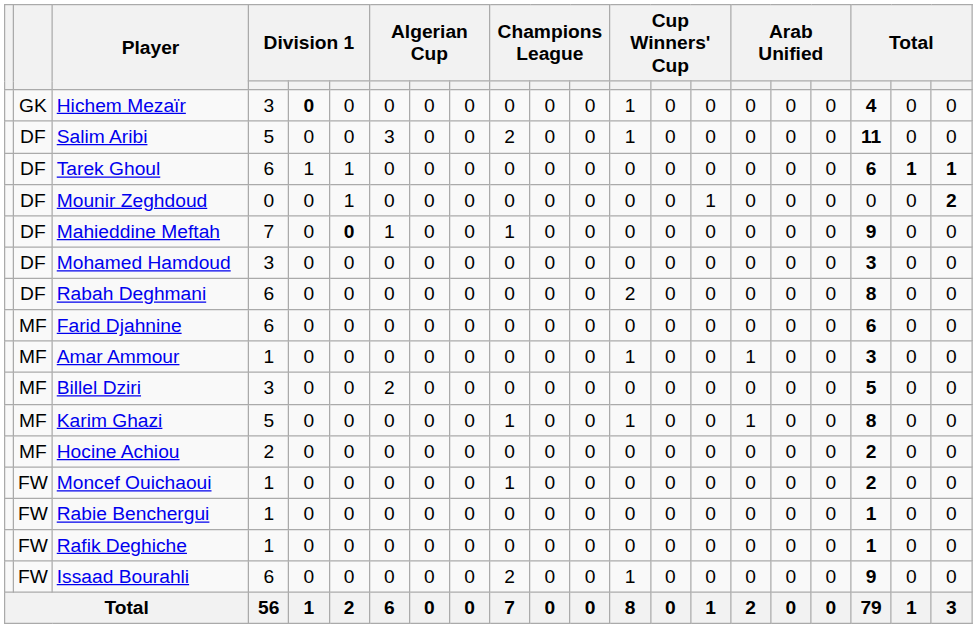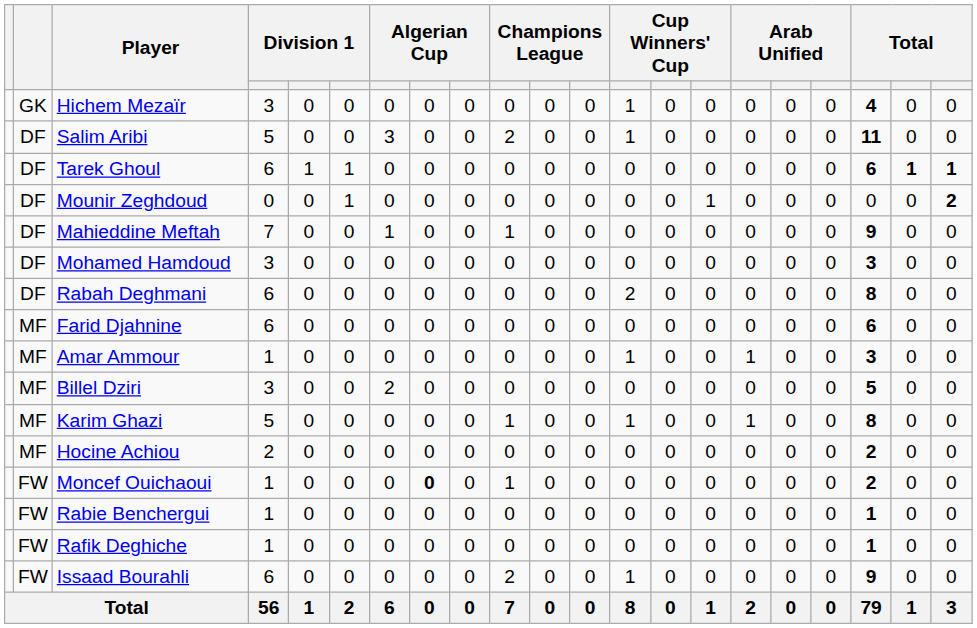 <table class="wikitable sortable nowrap" style="font-size: 96%; text-align: center;">
 <tr>
 <th rowspan="2"></th>
 <th rowspan="2"></th>
 <th rowspan="2" width=150>Player</th>
 <th colspan="3">Division 1</th>
 <th colspan="3">Algerian Cup</th>
 <th colspan="3">Champions League</th>
 <th colspan="3">Cup Winners' Cup</th>
 <th colspan="3">Arab Unified</th>
 <th colspan="3">Total</th>
 </tr>
 <tr>
 <th width=25></th>
 <th width=25></th>
 <th width=25></th>
 <th width=25></th>
 <th width=25></th>
 <th width=25></th>
 <th width=25></th>
 <th width=25></th>
 <th width=25></th>
 <th width=25></th>
 <th width=25></th>
 <th width=25></th>
 <th width=25></th>
 <th width=25></th>
 <th width=25></th>
 <th width=25></th>
 <th width=25></th>
 <th width=25></th>
 </tr>
 <tr>
 <td></td>
 <td>GK</td>
 <td style="text-align:left"> <a href='#'>Hichem Mezaïr</a></td>
 <td>3</td>
-<td><strong>0</strong></td>
+<td>0</td>
 <td>0</td>
 <td>0</td>
 <td>0</td>
 <td>0</td>
 <td>0</td>
 <td>0</td>
 <td>0</td>
 <td>1</td>
 <td>0</td>
 <td>0</td>
 <td>0</td>
 <td>0</td>
 <td>0</td>
 <td><strong>4</strong></td>
 <td>0</td>
 <td>0</td>
 </tr>
 <tr>
 <td></td>
 <td>DF</td>
 <td style="text-align:left"> <a href='#'>Salim Aribi</a></td>
 <td>5</td>
 <td>0</td>
 <td>0</td>
 <td>3</td>
 <td>0</td>
 <td>0</td>
 <td>2</td>
 <td>0</td>
 <td>0</td>
 <td>1</td>
 <td>0</td>
 <td>0</td>
 <td>0</td>
 <td>0</td>
 <td>0</td>
 <td><strong>11</strong></td>
 <td>0</td>
 <td>0</td>
 </tr>
 <tr>
 <td></td>
 <td>DF</td>
 <td style="text-align:left"> <a href='#'>Tarek Ghoul</a></td>
 <td>6</td>
 <td>1</td>
 <td>1</td>
 <td>0</td>
 <td>0</td>
 <td>0</td>
 <td>0</td>
 <td>0</td>
 <td>0</td>
 <td>0</td>
 <td>0</td>
 <td>0</td>
 <td>0</td>
 <td>0</td>
 <td>0</td>
 <td><strong>6</strong></td>
 <td><strong>1</strong></td>
 <td><strong>1</strong></td>
 </tr>
 <tr>
 <td></td>
 <td>DF</td>
 <td style="text-align:left"> <a href='#'>Mounir Zeghdoud</a></td>
 <td>0</td>
 <td>0</td>
 <td>1</td>
 <td>0</td>
 <td>0</td>
 <td>0</td>
 <td>0</td>
 <td>0</td>
 <td>0</td>
 <td>0</td>
 <td>0</td>
 <td>1</td>
 <td>0</td>
 <td>0</td>
 <td>0</td>
 <td>0</td>
 <td>0</td>
 <td><strong>2</strong></td>
 </tr>
 <tr>
 <td></td>
 <td>DF</td>
 <td style="text-align:left"> <a href='#'>Mahieddine Meftah</a></td>
 <td>7</td>
 <td>0</td>
-<td><strong>0</strong></td>
+<td>0</td>
 <td>1</td>
 <td>0</td>
 <td>0</td>
 <td>1</td>
 <td>0</td>
 <td>0</td>
 <td>0</td>
 <td>0</td>
 <td>0</td>
 <td>0</td>
 <td>0</td>
 <td>0</td>
 <td><strong>9</strong></td>
 <td>0</td>
 <td>0</td>
 </tr>
 <tr>
 <td></td>
 <td>DF</td>
 <td style="text-align:left"> <a href='#'>Mohamed Hamdoud</a></td>
 <td>3</td>
 <td>0</td>
 <td>0</td>
 <td>0</td>
 <td>0</td>
 <td>0</td>
 <td>0</td>
 <td>0</td>
 <td>0</td>
 <td>0</td>
 <td>0</td>
 <td>0</td>
 <td>0</td>
 <td>0</td>
 <td>0</td>
 <td><strong>3</strong></td>
 <td>0</td>
 <td>0</td>
 </tr>
 <tr>
 <td></td>
 <td>DF</td>
 <td style="text-align:left"> <a href='#'>Rabah Deghmani</a></td>
 <td>6</td>
 <td>0</td>
 <td>0</td>
 <td>0</td>
 <td>0</td>
 <td>0</td>
 <td>0</td>
 <td>0</td>
 <td>0</td>
 <td>2</td>
 <td>0</td>
 <td>0</td>
 <td>0</td>
 <td>0</td>
 <td>0</td>
 <td><strong>8</strong></td>
 <td>0</td>
 <td>0</td>
 </tr>
 <tr>
 <td></td>
 <td>MF</td>
 <td style="text-align:left"> <a href='#'>Farid Djahnine</a></td>
 <td>6</td>
 <td>0</td>
 <td>0</td>
 <td>0</td>
 <td>0</td>
 <td>0</td>
 <td>0</td>
 <td>0</td>
 <td>0</td>
 <td>0</td>
 <td>0</td>
 <td>0</td>
 <td>0</td>
 <td>0</td>
 <td>0</td>
 <td><strong>6</strong></td>
 <td>0</td>
 <td>0</td>
 </tr>
 <tr>
 <td></td>
 <td>MF</td>
 <td style="text-align:left"> <a href='#'>Amar Ammour</a></td>
 <td>1</td>
 <td>0</td>
 <td>0</td>
 <td>0</td>
 <td>0</td>
 <td>0</td>
 <td>0</td>
 <td>0</td>
 <td>0</td>
 <td>1</td>
 <td>0</td>
 <td>0</td>
 <td>1</td>
 <td>0</td>
 <td>0</td>
 <td><strong>3</strong></td>
 <td>0</td>
 <td>0</td>
 </tr>
 <tr>
 <td></td>
 <td>MF</td>
 <td style="text-align:left"> <a href='#'>Billel Dziri</a></td>
 <td>3</td>
 <td>0</td>
 <td>0</td>
 <td>2</td>
 <td>0</td>
 <td>0</td>
 <td>0</td>
 <td>0</td>
 <td>0</td>
 <td>0</td>
 <td>0</td>
 <td>0</td>
 <td>0</td>
 <td>0</td>
 <td>0</td>
 <td><strong>5</strong></td>
 <td>0</td>
 <td>0</td>
 </tr>
 <tr>
 <td></td>
 <td>MF</td>
 <td style="text-align:left"> <a href='#'>Karim Ghazi</a></td>
 <td>5</td>
 <td>0</td>
 <td>0</td>
 <td>0</td>
 <td>0</td>
 <td>0</td>
 <td>1</td>
 <td>0</td>
 <td>0</td>
 <td>1</td>
 <td>0</td>
 <td>0</td>
 <td>1</td>
 <td>0</td>
 <td>0</td>
 <td><strong>8</strong></td>
 <td>0</td>
 <td>0</td>
 </tr>
 <tr>
 <td></td>
 <td>MF</td>
 <td style="text-align:left"> <a href='#'>Hocine Achiou</a></td>
 <td>2</td>
 <td>0</td>
 <td>0</td>
 <td>0</td>
 <td>0</td>
 <td>0</td>
 <td>0</td>
 <td>0</td>
 <td>0</td>
 <td>0</td>
 <td>0</td>
 <td>0</td>
 <td>0</td>
 <td>0</td>
 <td>0</td>
 <td><strong>2</strong></td>
 <td>0</td>
 <td>0</td>
 </tr>
 <tr>
 <td></td>
 <td>FW</td>
 <td style="text-align:left"> <a href='#'>Moncef Ouichaoui</a></td>
 <td>1</td>
 <td>0</td>
 <td>0</td>
 <td>0</td>
-<td>0</td>
+<td><strong>0</strong></td>
 <td>0</td>
 <td>1</td>
 <td>0</td>
 <td>0</td>
 <td>0</td>
 <td>0</td>
 <td>0</td>
 <td>0</td>
 <td>0</td>
 <td>0</td>
 <td><strong>2</strong></td>
 <td>0</td>
 <td>0</td>
 </tr>
 <tr>
 <td></td>
 <td>FW</td>
 <td style="text-align:left"> <a href='#'>Rabie Benchergui</a></td>
 <td>1</td>
 <td>0</td>
 <td>0</td>
 <td>0</td>
 <td>0</td>
 <td>0</td>
 <td>0</td>
 <td>0</td>
 <td>0</td>
 <td>0</td>
 <td>0</td>
 <td>0</td>
 <td>0</td>
 <td>0</td>
 <td>0</td>
 <td><strong>1</strong></td>
 <td>0</td>
 <td>0</td>
 </tr>
 <tr>
 <td></td>
 <td>FW</td>
 <td style="text-align:left"> <a href='#'>Rafik Deghiche</a></td>
 <td>1</td>
 <td>0</td>
 <td>0</td>
 <td>0</td>
 <td>0</td>
 <td>0</td>
 <td>0</td>
 <td>0</td>
 <td>0</td>
 <td>0</td>
 <td>0</td>
 <td>0</td>
 <td>0</td>
 <td>0</td>
 <td>0</td>
 <td><strong>1</strong></td>
 <td>0</td>
 <td>0</td>
 </tr>
 <tr>
 <td></td>
 <td>FW</td>
 <td style="text-align:left"> <a href='#'>Issaad Bourahli</a></td>
 <td>6</td>
 <td>0</td>
 <td>0</td>
 <td>0</td>
 <td>0</td>
 <td>0</td>
 <td>2</td>
 <td>0</td>
 <td>0</td>
 <td>1</td>
 <td>0</td>
 <td>0</td>
 <td>0</td>
 <td>0</td>
 <td>0</td>
 <td><strong>9</strong></td>
 <td>0</td>
 <td>0</td>
 </tr>
 <tr>
 <th colspan="3">Total</th>
 <th>56</th>
 <th>1</th>
 <th>2</th>
 <th>6</th>
 <th>0</th>
 <th>0</th>
 <th>7</th>
 <th>0</th>
 <th>0</th>
 <th>8</th>
 <th>0</th>
 <th>1</th>
 <th>2</th>
 <th>0</th>
 <th>0</th>
 <th>79</th>
 <th>1</th>
 <th>3</th>
 </tr>
 </table>
